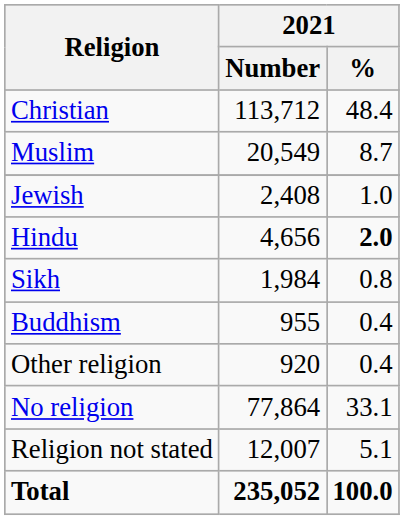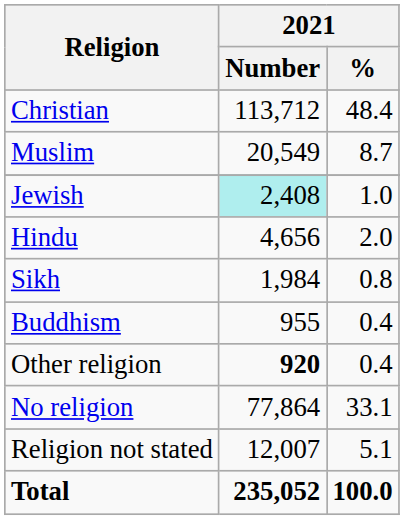 <table class="wikitable sortable" style="text-align:right">
 <tr>
 <th rowspan="2">Religion</th>
 <th colspan="2">2021</th>
 </tr>
 <tr>
 <th>Number</th>
 <th>%</th>
 </tr>
 <tr>
 <td style="text-align:left"><a href='#'>Christian</a></td>
 <td>113,712</td>
 <td>48.4</td>
 </tr>
 <tr>
 <td style="text-align:left"><a href='#'>Muslim</a></td>
 <td>20,549</td>
 <td>8.7</td>
 </tr>
 <tr>
 </tr>
 <tr>
 <td style="text-align:left"><a href='#'>Jewish</a></td>
-<td>2,408</td>
+<td style="background: paleturquoise;">2,408</td>
 <td>1.0</td>
 </tr>
 <tr>
 <td style="text-align:left"><a href='#'>Hindu</a></td>
 <td>4,656</td>
-<td><strong>2.0</strong></td>
+<td>2.0</td>
 </tr>
 <tr>
 <td style="text-align:left"><a href='#'>Sikh</a></td>
 <td>1,984</td>
 <td>0.8</td>
 </tr>
 <tr>
 <td style="text-align:left"><a href='#'>Buddhism</a></td>
 <td>955</td>
 <td>0.4</td>
 </tr>
 <tr>
 <td style="text-align:left">Other religion</td>
-<td>920</td>
+<td><strong>920</strong></td>
 <td>0.4</td>
 </tr>
 <tr>
 <td style="text-align:left"><a href='#'>No religion</a></td>
 <td>77,864</td>
 <td>33.1</td>
 </tr>
 <tr>
 <td style="text-align:left">Religion not stated</td>
 <td>12,007</td>
 <td>5.1</td>
 </tr>
 <tr style="font-weight:bold;">
 <td style="text-align:left">Total</td>
 <td>235,052</td>
 <td>100.0</td>
 </tr>
 </table>
